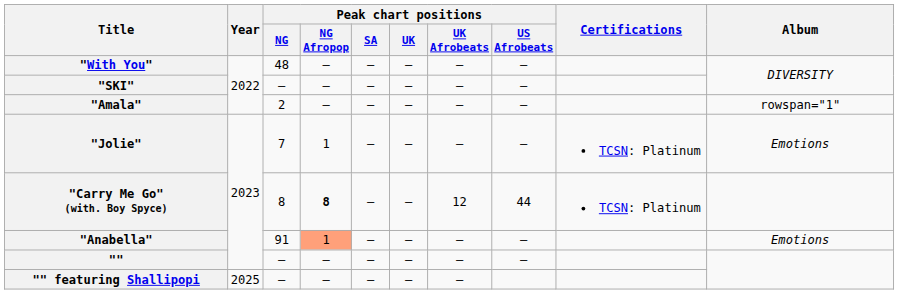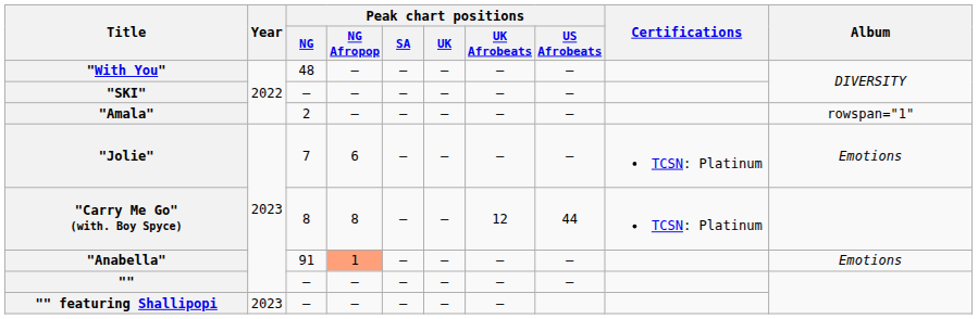 <table class="wikitable plainrowheaders" style="text-align:center;">
 <tr>
 <th scope="col" rowspan="2" style="width:18em;">Title</th>
 <th scope="col" rowspan="2" style="width:1em;">Year</th>
 <th colspan="6" scope="col">Peak chart positions</th>
 <th scope="col" rowspan="2" style="width:12em;"><a href='#'>Certifications</a></th>
 <th scope="col" rowspan="2" style="width:15em;">Album</th>
 </tr>
 <tr>
 <th scope="col" style="width:3em;font-size:90%;"><a href='#'>NG</a><br></th>
 <th scope="col" style="width:3em;font-size:90%;"><a href='#'>NG<br>Afropop</a></th>
 <th scope="col" style="width:3em;font-size:90%;"><a href='#'>SA</a><br></th>
 <th scope="col" style="width:3em;font-size:90%;"><a href='#'>UK</a><br></th>
 <th scope="col" style="width:3em;font-size:90%;"><a href='#'>UK<br>Afrobeats</a></th>
 <th scope="col" style="width:3em;font-size:90%;"><a href='#'>US<br>Afrobeats</a></th>
 </tr>
 <tr>
 <th scope="row">"<a href='#'>With You</a>"</th>
 <td rowspan="3">2022</td>
 <td>48</td>
 <td>—</td>
 <td>—</td>
 <td>—</td>
 <td>—</td>
 <td>—</td>
 <td></td>
 <td rowspan="2"><em>DIVERSITY</em></td>
 </tr>
 <tr>
 <th scope="row">"SKI"</th>
 <td>—</td>
 <td>—</td>
 <td>—</td>
 <td>—</td>
 <td>—</td>
 <td>—</td>
 <td></td>
 </tr>
 <tr>
 <th scope="row">"Amala"</th>
 <td>2</td>
 <td>—</td>
 <td>—</td>
 <td>—</td>
 <td>—</td>
 <td>—</td>
 <td></td>
 <td>rowspan="1" <em></em></td>
 </tr>
 <tr>
 <th scope="row">"Jolie"</th>
 <td rowspan="4">2023</td>
 <td>7</td>
-<td>1</td>
+<td>6</td>
 <td>—</td>
 <td>—</td>
 <td>—</td>
 <td>—</td>
 <td><br><ul><li><a href='#'>TCSN</a>: Platinum</li></ul></td>
 <td><em>Emotions</em></td>
 </tr>
 <tr>
 <th scope="row">"Carry Me Go"<br> <small>(with. Boy Spyce)</small></th>
 <td>8</td>
-<td><strong>8</strong></td>
+<td>8</td>
 <td>—</td>
 <td>—</td>
 <td>12</td>
 <td>44</td>
 <td><br><ul><li><a href='#'>TCSN</a>: Platinum</li></ul></td>
 <td></td>
 </tr>
 <tr>
 <th scope="row">"Anabella"</th>
 <td>91</td>
 <td style="background: lightsalmon;">1</td>
 <td>—</td>
 <td>—</td>
 <td>—</td>
 <td>—</td>
 <td></td>
 <td><em>Emotions</em></td>
 </tr>
 <tr>
 <th scope="row">""</th>
 <td>—</td>
 <td>—</td>
 <td>—</td>
 <td>—</td>
 <td>—</td>
 <td>—</td>
 <td></td>
 </tr>
 <tr>
 <th scope="row">"" featuring <a href='#'>Shallipopi</a></th>
-<td>2025</td>
+<td>2023</td>
 <td>—</td>
 <td>—</td>
 <td>—</td>
 <td>—</td>
 <td>—</td>
 <td></td>
 <td></td>
 </tr>
 </table>
